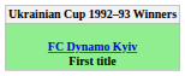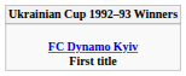 <table class="wikitable" style="text-align: center; margin: 0 auto;">
 <tr>
 <th>Ukrainian Cup 1992–93 Winners</th>
 </tr>
 <tr>
 </tr>
 <tr>
-<td style="background: lightgreen;"><br><strong><a href='#'>FC Dynamo Kyiv</a></strong><br><strong>First title</strong></td>
+<td><br><strong><a href='#'>FC Dynamo Kyiv</a></strong><br><strong>First title</strong></td>
 </tr>
 </table>
